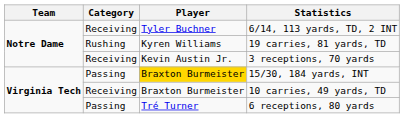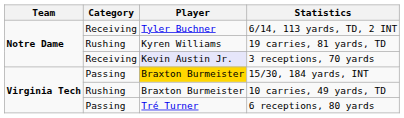 <table class="wikitable" style="float: left;">
 <tr>
 <th>Team</th>
 <th>Category</th>
 <th>Player</th>
 <th>Statistics</th>
 </tr>
 <tr>
 <td rowspan=3><strong>Notre Dame</strong></td>
 <td>Receiving</td>
 <td><a href='#'>Tyler Buchner</a></td>
 <td>6/14, 113 yards, TD, 2 INT</td>
 </tr>
 <tr>
 <td>Rushing</td>
 <td>Kyren Williams</td>
 <td>19 carries, 81 yards, TD</td>
 </tr>
 <tr>
 <td>Receiving</td>
-<td>Kevin Austin Jr.</td>
+<td style="background: lavender;">Kevin Austin Jr.</td>
 <td>3 receptions, 70 yards</td>
 </tr>
 <tr>
 <td rowspan=3><strong>Virginia Tech</strong></td>
 <td>Passing</td>
 <td style="background: gold;">Braxton Burmeister</td>
 <td>15/30, 184 yards, INT</td>
 </tr>
 <tr>
-<td>Receiving</td>
+<td>Rushing</td>
 <td>Braxton Burmeister</td>
 <td>10 carries, 49 yards, TD</td>
 </tr>
 <tr>
 <td>Passing</td>
 <td><a href='#'>Tré Turner</a></td>
 <td>6 receptions, 80 yards</td>
 </tr>
 </table>
